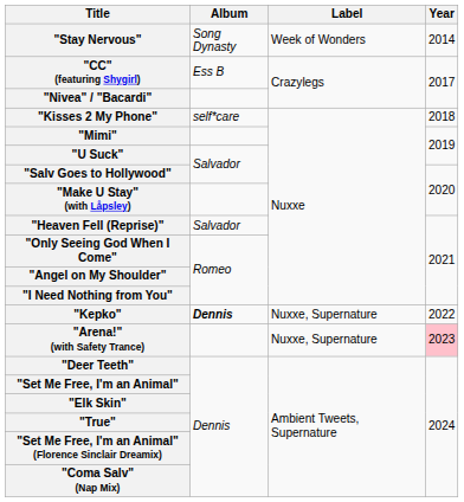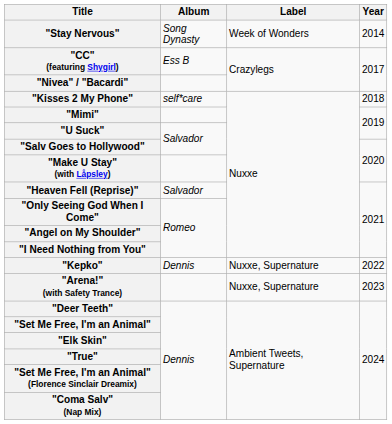 <table class="wikitable plainrowheaders">
 <tr>
 <th>Title</th>
 <th>Album</th>
 <th>Label</th>
 <th>Year</th>
 </tr>
 <tr>
 <th scope="row">"Stay Nervous"</th>
 <td><em>Song Dynasty</em></td>
 <td>Week of Wonders</td>
 <td>2014</td>
 </tr>
 <tr>
 <th scope="row">"CC"<br><small>(featuring <a href='#'>Shygirl</a>)</small></th>
 <td><em>Ess B</em></td>
 <td rowspan="2">Crazylegs</td>
 <td rowspan="2">2017</td>
 </tr>
 <tr>
 <th scope="row">"Nivea" / "Bacardi"</th>
 <td></td>
 </tr>
 <tr>
 <th scope="row">"Kisses 2 My Phone"</th>
 <td><em>self*care</em></td>
 <td rowspan="9">Nuxxe</td>
 <td>2018</td>
 </tr>
 <tr>
 <th scope="row">"Mimi"</th>
 <td></td>
 <td rowspan="2">2019</td>
 </tr>
 <tr>
 <th scope="row">"U Suck"</th>
 <td rowspan="2"><em>Salvador</em></td>
 </tr>
 <tr>
 <th scope="row">"Salv Goes to Hollywood"</th>
 <td rowspan="2">2020</td>
 </tr>
 <tr>
 <th scope="row">"Make U Stay"<br><small>(with <a href='#'>Låpsley</a>)</small></th>
 <td></td>
 </tr>
 <tr>
 <th scope="row">"Heaven Fell (Reprise)"</th>
 <td><em>Salvador</em></td>
 <td rowspan="4">2021</td>
 </tr>
 <tr>
 <th scope="row">"Only Seeing God When I Come"</th>
 <td rowspan="3"><em>Romeo</em></td>
 </tr>
 <tr>
 <th scope="row">"Angel on My Shoulder"</th>
 </tr>
 <tr>
 <th scope="row">"I Need Nothing from You"</th>
 </tr>
 <tr>
 <th scope="row">"Kepko"</th>
-<td><strong><em>Dennis</em></strong></td>
+<td><em>Dennis</em></td>
 <td>Nuxxe, Supernature</td>
 <td>2022</td>
 </tr>
 <tr>
 <th scope="row">"Arena!"<br><small>(with Safety Trance)</small></th>
 <td></td>
 <td>Nuxxe, Supernature</td>
-<td style="background: pink;">2023</td>
+<td>2023</td>
 </tr>
 <tr>
 <th scope="row">"Deer Teeth"</th>
 <td rowspan="6"><em>Dennis</em></td>
 <td rowspan="6">Ambient Tweets, Supernature</td>
 <td rowspan="6">2024</td>
 </tr>
 <tr>
 <th scope="row">"Set Me Free, I'm an Animal"</th>
 </tr>
 <tr>
 <th scope="row">"Elk Skin"</th>
 </tr>
 <tr>
 <th scope="row">"True"</th>
 </tr>
 <tr>
 <th scope="row">"Set Me Free, I'm an Animal"<br><small>(Florence Sinclair Dreamix)</small></th>
 </tr>
 <tr>
 <th scope="row">"Coma Salv"<br><small>(Nap Mix)</small></th>
 </tr>
 </table>
